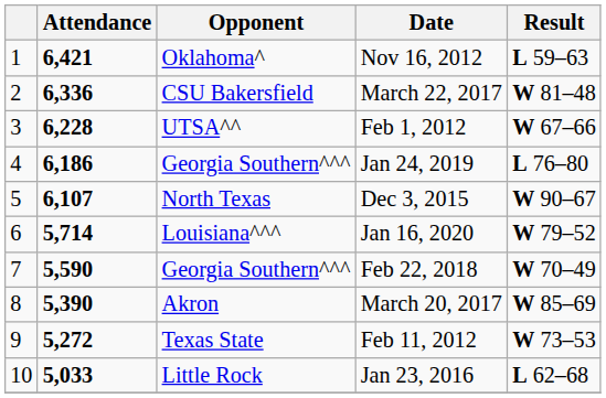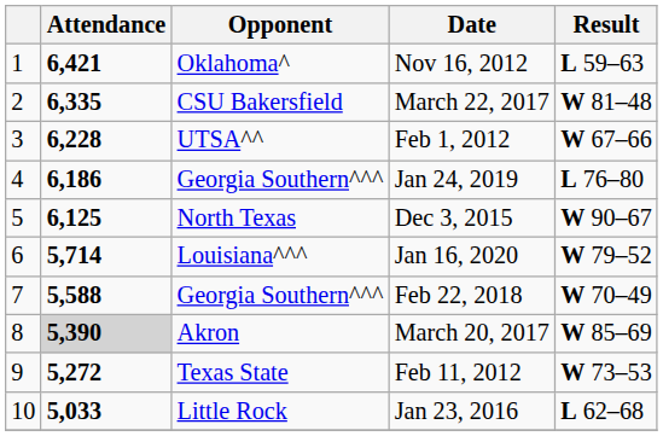 <table class="wikitable">
 <tr>
 <th></th>
 <th>Attendance</th>
 <th>Opponent</th>
 <th>Date</th>
 <th>Result</th>
 </tr>
 <tr>
 <td>1</td>
 <td><strong>6,421</strong></td>
 <td><a href='#'>Oklahoma</a>^</td>
 <td>Nov 16, 2012</td>
 <td><strong>L</strong> 59–63</td>
 </tr>
 <tr>
 <td>2</td>
-<td><strong>6,336</strong></td>
+<td><strong>6,335</strong></td>
 <td><a href='#'>CSU Bakersfield</a></td>
 <td>March 22, 2017</td>
 <td><strong>W</strong> 81–48</td>
 </tr>
 <tr>
 <td>3</td>
 <td><strong>6,228</strong></td>
 <td><a href='#'>UTSA</a>^^</td>
 <td>Feb 1, 2012</td>
 <td><strong>W</strong> 67–66</td>
 </tr>
 <tr>
 <td>4</td>
 <td><strong>6,186</strong></td>
 <td><a href='#'>Georgia Southern</a>^^^</td>
 <td>Jan 24, 2019</td>
 <td><strong>L</strong> 76–80</td>
 </tr>
 <tr>
 <td>5</td>
-<td><strong>6,107</strong></td>
+<td><strong>6,125</strong></td>
 <td><a href='#'>North Texas</a></td>
 <td>Dec 3, 2015</td>
 <td><strong>W</strong> 90–67</td>
 </tr>
 <tr>
 <td>6</td>
 <td><strong>5,714</strong></td>
 <td><a href='#'>Louisiana</a>^^^</td>
 <td>Jan 16, 2020</td>
 <td><strong>W</strong> 79–52</td>
 </tr>
 <tr>
 <td>7</td>
-<td><strong>5,590</strong></td>
+<td><strong>5,588</strong></td>
 <td><a href='#'>Georgia Southern</a>^^^</td>
 <td>Feb 22, 2018</td>
 <td><strong>W</strong> 70–49</td>
 </tr>
 <tr>
 <td>8</td>
-<td><strong>5,390</strong></td>
+<td style="background: lightgrey;"><strong>5,390</strong></td>
 <td><a href='#'>Akron</a></td>
 <td>March 20, 2017</td>
 <td><strong>W</strong> 85–69</td>
 </tr>
 <tr>
 <td>9</td>
 <td><strong>5,272</strong></td>
 <td><a href='#'>Texas State</a></td>
 <td>Feb 11, 2012</td>
 <td><strong>W</strong> 73–53</td>
 </tr>
 <tr>
 <td>10</td>
 <td><strong>5,033</strong></td>
 <td><a href='#'>Little Rock</a></td>
 <td>Jan 23, 2016</td>
 <td><strong>L</strong> 62–68</td>
 </tr>
 <tr>
 </tr>
 </table>
